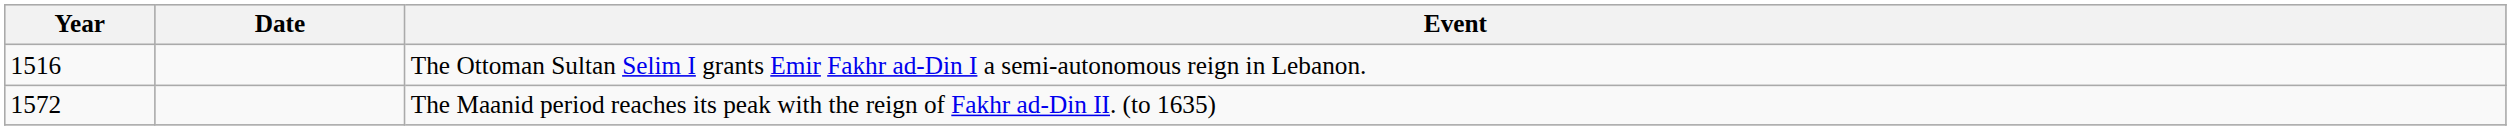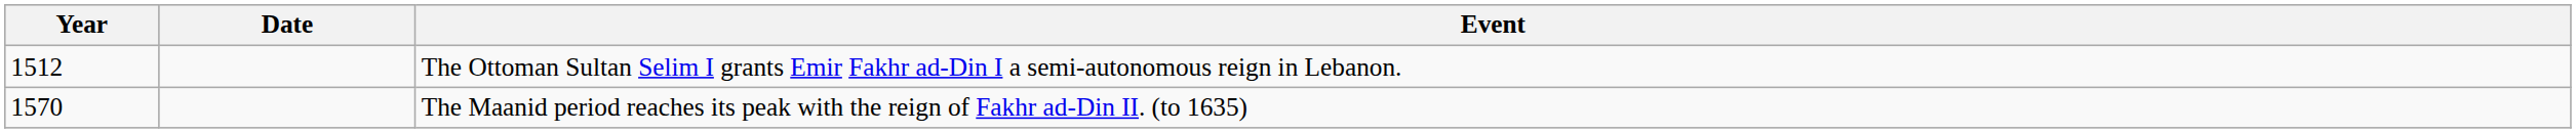 <table class="wikitable" width="100%">
 <tr>
 <th style="width:6%">Year</th>
 <th style="width:10%">Date</th>
 <th>Event</th>
 </tr>
 <tr>
-<td>1516</td>
+<td>1512</td>
 <td></td>
 <td>The Ottoman Sultan <a href='#'>Selim I</a> grants <a href='#'>Emir</a> <a href='#'>Fakhr ad-Din I</a> a semi-autonomous reign in Lebanon.</td>
 </tr>
 <tr>
-<td>1572</td>
+<td>1570</td>
 <td></td>
 <td>The Maanid period reaches its peak with the reign of <a href='#'>Fakhr ad-Din II</a>. (to 1635)</td>
 </tr>
 </table>
